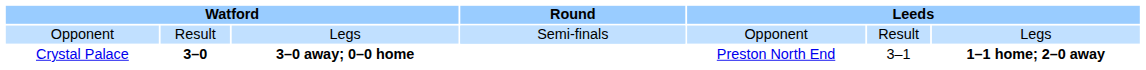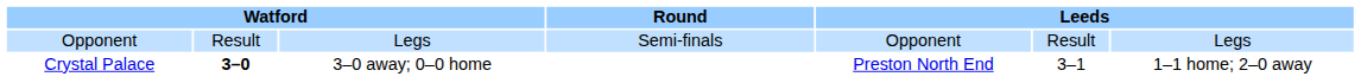 <table width="100%" bgcolor=white>
 <tr valign=top bgcolor=#99ccff>
 <th colspan=3 style="width:40%"><strong>Watford</strong></th>
 <th><strong>Round</strong></th>
 <th colspan=3 style="width:40%"><strong>Leeds</strong></th>
 </tr>
 <tr valign=top align="center" bgcolor=#c1e0ff>
 <td>Opponent</td>
 <td>Result</td>
 <td>Legs</td>
 <td bgcolor=#c1e0ff>Semi-finals</td>
 <td>Opponent</td>
 <td>Result</td>
 <td>Legs</td>
 </tr>
 <tr align="center">
 <td><a href='#'>Crystal Palace</a></td>
 <td><strong>3–0</strong></td>
-<td><strong>3–0 away; 0–0 home</strong></td>
+<td>3–0 away; 0–0 home</td>
 <td></td>
 <td><a href='#'>Preston North End</a></td>
 <td>3–1<br></td>
-<td><strong>1–1 home; 2–0 away</strong></td>
+<td>1–1 home; 2–0 away</td>
 </tr>
 </table>
